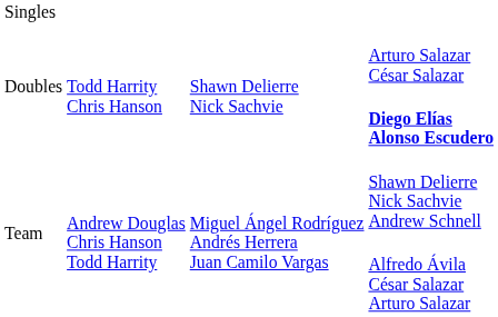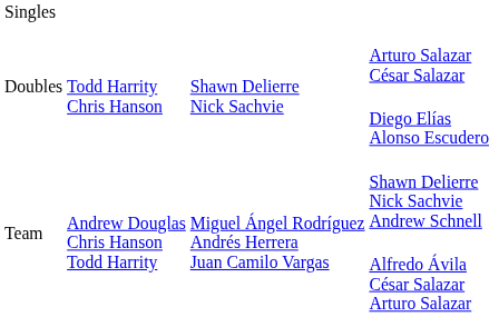 <table>
 <tr>
 <td rowspan=2>Singles<br></td>
 <td rowspan=2></td>
 <td rowspan=2></td>
 <td></td>
 </tr>
 <tr>
 <td></td>
 </tr>
 <tr>
 <td rowspan=2>Doubles<br></td>
 <td rowspan=2><br><a href='#'>Todd Harrity</a><br><a href='#'>Chris Hanson</a></td>
 <td rowspan=2><br><a href='#'>Shawn Delierre</a><br><a href='#'>Nick Sachvie</a></td>
 <td><br><a href='#'>Arturo Salazar</a><br><a href='#'>César Salazar</a></td>
 </tr>
 <tr>
-<td><strong><br><a href='#'>Diego Elías</a><br><a href='#'>Alonso Escudero</a></strong></td>
+<td><br><a href='#'>Diego Elías</a><br><a href='#'>Alonso Escudero</a></td>
 </tr>
 <tr>
 <td rowspan=2>Team<br></td>
 <td rowspan=2><br><a href='#'>Andrew Douglas</a><br><a href='#'>Chris Hanson</a><br><a href='#'>Todd Harrity</a></td>
 <td rowspan=2><br><a href='#'>Miguel Ángel Rodríguez</a><br><a href='#'>Andrés Herrera</a><br><a href='#'>Juan Camilo Vargas</a></td>
 <td><br><a href='#'>Shawn Delierre</a><br><a href='#'>Nick Sachvie</a><br><a href='#'>Andrew Schnell</a></td>
 </tr>
 <tr>
 <td><br><a href='#'>Alfredo Ávila</a><br><a href='#'>César Salazar</a><br><a href='#'>Arturo Salazar</a></td>
 </tr>
 </table>
